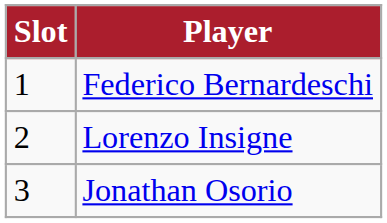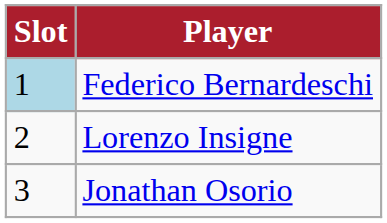 <table class="wikitable" style="text-align:left; margin-left:1em; font-size:95%;">
 <tr>
 <th style="background:#AB1E2D; color:white; text-align:center;">Slot</th>
 <th style="background:#AB1E2D; color:white; text-align:center;">Player</th>
 </tr>
 <tr>
-<td>1</td>
+<td style="background: lightblue;">1</td>
 <td> <a href='#'>Federico Bernardeschi</a></td>
 </tr>
 <tr>
 <td>2</td>
 <td> <a href='#'>Lorenzo Insigne</a></td>
 </tr>
 <tr>
 <td>3</td>
 <td> <a href='#'>Jonathan Osorio</a></td>
 </tr>
 </table>
